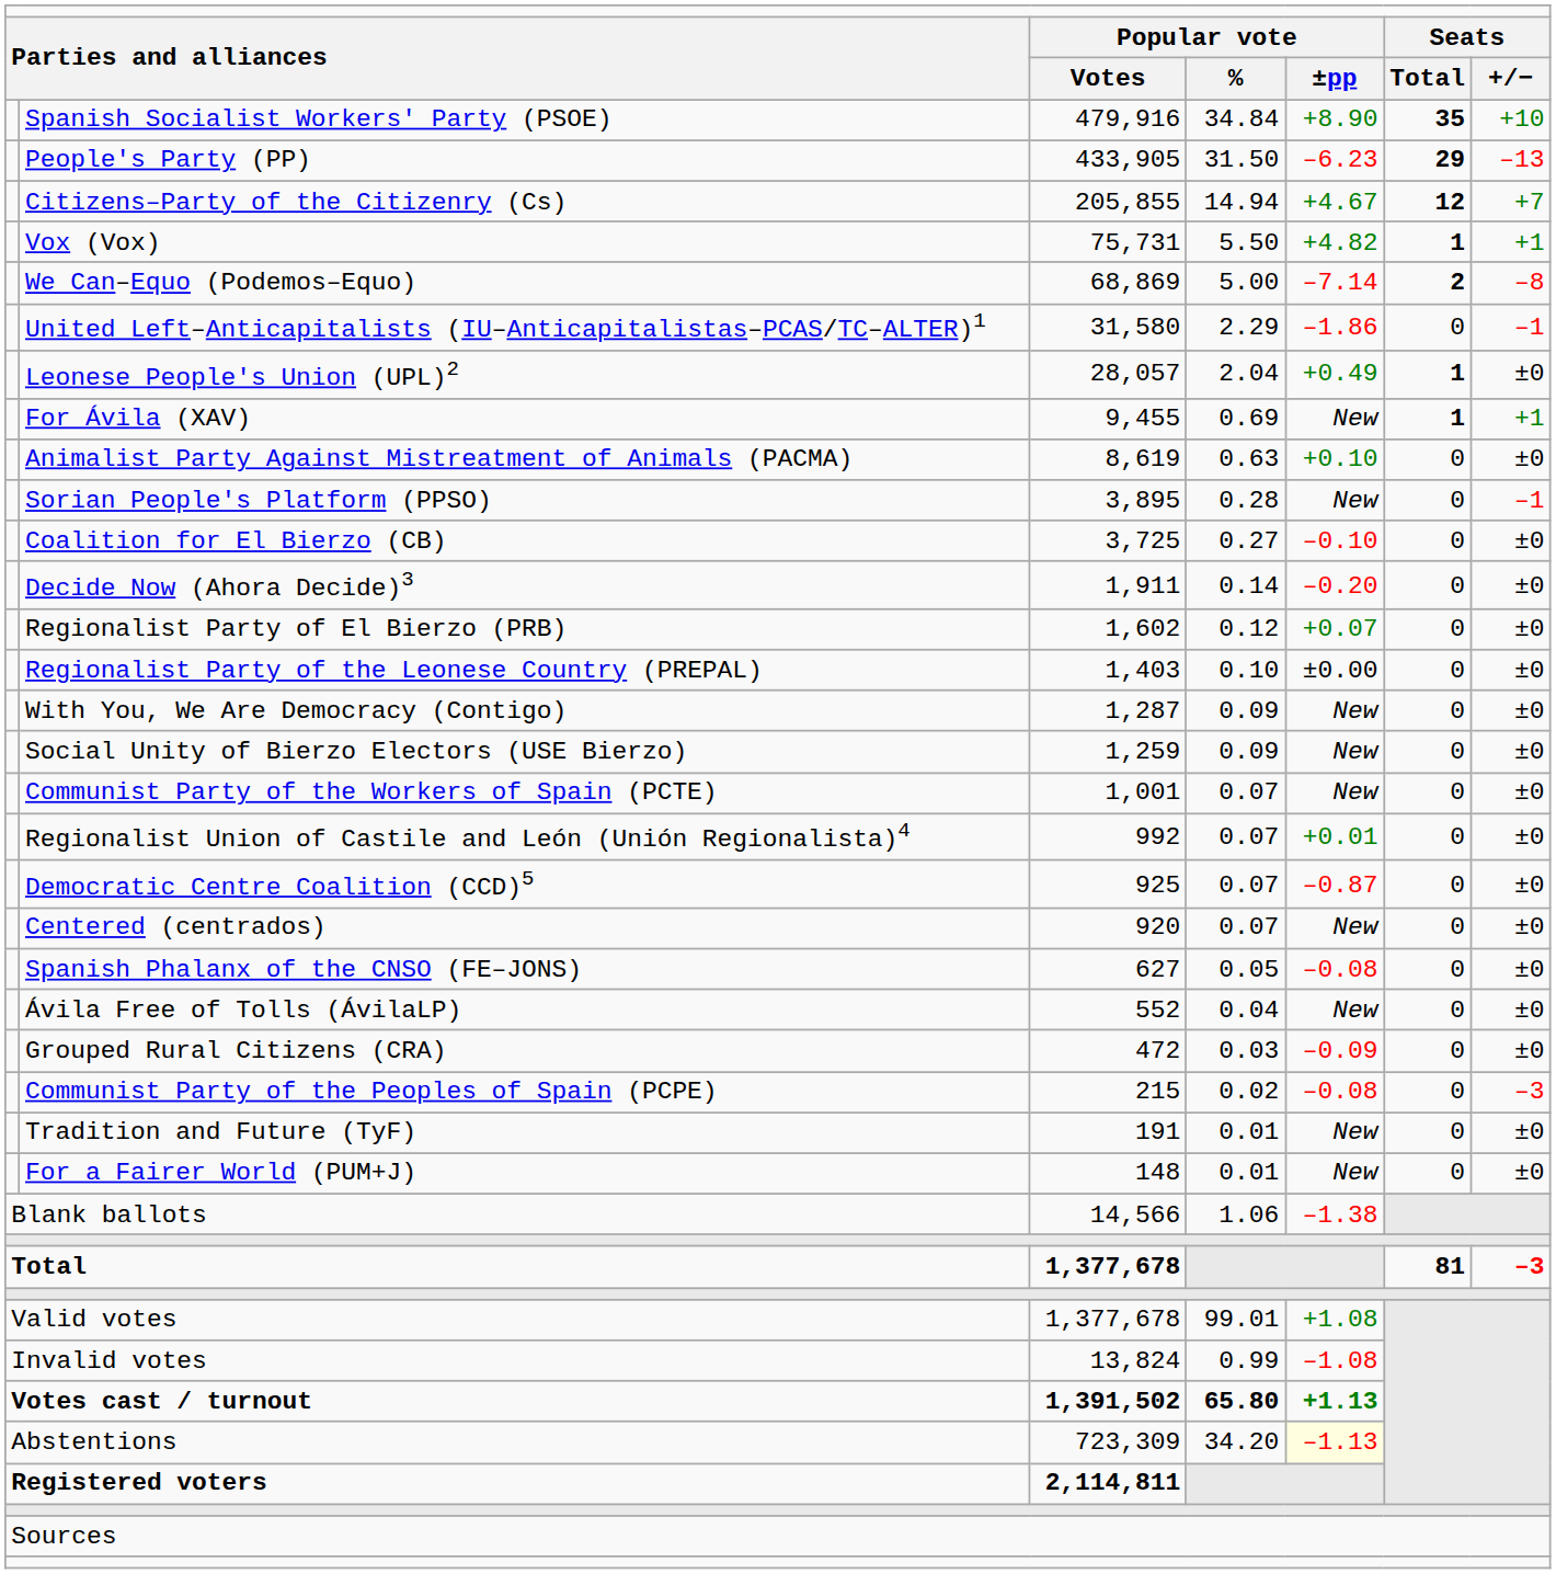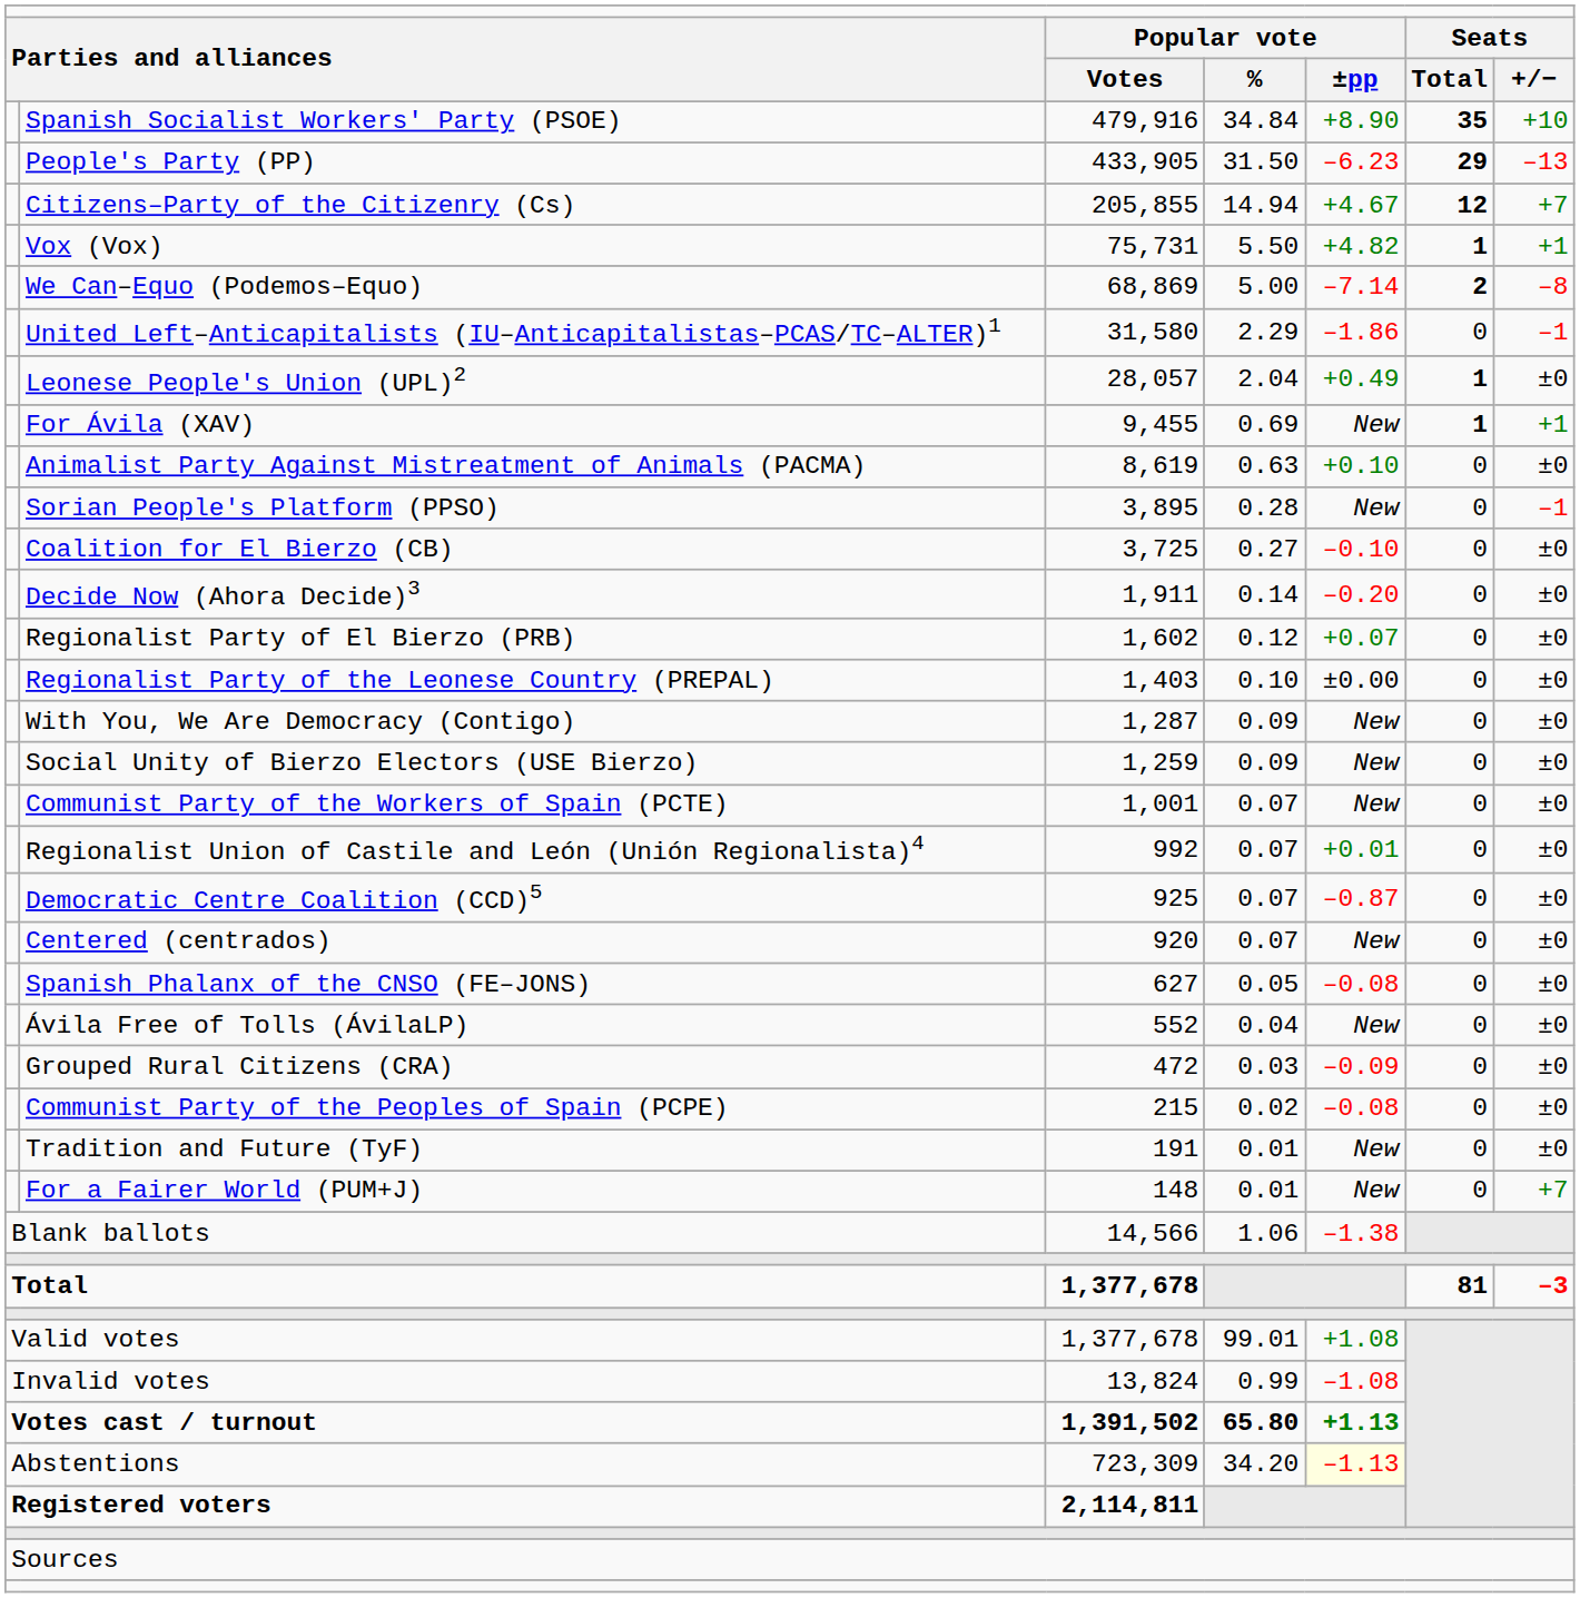 <table class="wikitable" style="text-align:right;">
 <tr>
 <td colspan="7"></td>
 </tr>
 <tr>
 <th style="text-align:left;" rowspan="2" colspan="2" width="525">Parties and alliances</th>
 <th colspan="3">Popular vote</th>
 <th colspan="2">Seats</th>
 </tr>
 <tr>
 <th width="75">Votes</th>
 <th width="45">%</th>
 <th width="45">±<a href='#'>pp</a></th>
 <th width="35">Total</th>
 <th width="35">+/−</th>
 </tr>
 <tr>
 <td width="1" style="color:inherit;background:"></td>
 <td align="left"><a href='#'>Spanish Socialist Workers' Party</a> (PSOE)</td>
 <td>479,916</td>
 <td>34.84</td>
 <td style="color:green;">+8.90</td>
 <td><strong>35</strong></td>
 <td style="color:green;">+10</td>
 </tr>
 <tr>
 <td style="color:inherit;background:"></td>
 <td align="left"><a href='#'>People's Party</a> (PP)</td>
 <td>433,905</td>
 <td>31.50</td>
 <td style="color:red;">–6.23</td>
 <td><strong>29</strong></td>
 <td style="color:red;">–13</td>
 </tr>
 <tr>
 <td style="color:inherit;background:"></td>
 <td align="left"><a href='#'>Citizens–Party of the Citizenry</a> (Cs)</td>
 <td>205,855</td>
 <td>14.94</td>
 <td style="color:green;">+4.67</td>
 <td><strong>12</strong></td>
 <td style="color:green;">+7</td>
 </tr>
 <tr>
 <td style="color:inherit;background:"></td>
 <td align="left"><a href='#'>Vox</a> (Vox)</td>
 <td>75,731</td>
 <td>5.50</td>
 <td style="color:green;">+4.82</td>
 <td><strong>1</strong></td>
 <td style="color:green;">+1</td>
 </tr>
 <tr>
 <td style="color:inherit;background:"></td>
 <td align="left"><a href='#'>We Can</a>–<a href='#'>Equo</a> (Podemos–Equo)</td>
 <td>68,869</td>
 <td>5.00</td>
 <td style="color:red;">–7.14</td>
 <td><strong>2</strong></td>
 <td style="color:red;">–8</td>
 </tr>
 <tr>
 <td style="color:inherit;background:"></td>
 <td align="left"><a href='#'>United Left</a>–<a href='#'>Anticapitalists</a> (<a href='#'>IU</a>–<a href='#'>Anticapitalistas</a>–<a href='#'>PCAS</a>/<a href='#'>TC</a>–<a href='#'>ALTER</a>)<sup>1</sup></td>
 <td>31,580</td>
 <td>2.29</td>
 <td style="color:red;">–1.86</td>
 <td>0</td>
 <td style="color:red;">–1</td>
 </tr>
 <tr>
 <td style="color:inherit;background:"></td>
 <td align="left"><a href='#'>Leonese People's Union</a> (UPL)<sup>2</sup></td>
 <td>28,057</td>
 <td>2.04</td>
 <td style="color:green;">+0.49</td>
 <td><strong>1</strong></td>
 <td>±0</td>
 </tr>
 <tr>
 <td style="color:inherit;background:"></td>
 <td align="left"><a href='#'>For Ávila</a> (XAV)</td>
 <td>9,455</td>
 <td>0.69</td>
 <td><em>New</em></td>
 <td><strong>1</strong></td>
 <td style="color:green;">+1</td>
 </tr>
 <tr>
 <td style="color:inherit;background:"></td>
 <td align="left"><a href='#'>Animalist Party Against Mistreatment of Animals</a> (PACMA)</td>
 <td>8,619</td>
 <td>0.63</td>
 <td style="color:green;">+0.10</td>
 <td>0</td>
 <td>±0</td>
 </tr>
 <tr>
 <td style="color:inherit;background:"></td>
 <td align="left"><a href='#'>Sorian People's Platform</a> (PPSO)</td>
 <td>3,895</td>
 <td>0.28</td>
 <td><em>New</em></td>
 <td>0</td>
 <td style="color:red;">–1</td>
 </tr>
 <tr>
 <td style="color:inherit;background:"></td>
 <td align="left"><a href='#'>Coalition for El Bierzo</a> (CB)</td>
 <td>3,725</td>
 <td>0.27</td>
 <td style="color:red;">–0.10</td>
 <td>0</td>
 <td>±0</td>
 </tr>
 <tr>
 <td style="color:inherit;background:"></td>
 <td align="left"><a href='#'>Decide Now</a> (Ahora Decide)<sup>3</sup></td>
 <td>1,911</td>
 <td>0.14</td>
 <td style="color:red;">–0.20</td>
 <td>0</td>
 <td>±0</td>
 </tr>
 <tr>
 <td style="color:inherit;background:"></td>
 <td align="left">Regionalist Party of El Bierzo (PRB)</td>
 <td>1,602</td>
 <td>0.12</td>
 <td style="color:green;">+0.07</td>
 <td>0</td>
 <td>±0</td>
 </tr>
 <tr>
 <td style="color:inherit;background:"></td>
 <td align="left"><a href='#'>Regionalist Party of the Leonese Country</a> (PREPAL)</td>
 <td>1,403</td>
 <td>0.10</td>
 <td>±0.00</td>
 <td>0</td>
 <td>±0</td>
 </tr>
 <tr>
 <td style="color:inherit;background:"></td>
 <td align="left">With You, We Are Democracy (Contigo)</td>
 <td>1,287</td>
 <td>0.09</td>
 <td><em>New</em></td>
 <td>0</td>
 <td>±0</td>
 </tr>
 <tr>
 <td style="color:inherit;background:"></td>
 <td align="left">Social Unity of Bierzo Electors (USE Bierzo)</td>
 <td>1,259</td>
 <td>0.09</td>
 <td><em>New</em></td>
 <td>0</td>
 <td>±0</td>
 </tr>
 <tr>
 <td style="color:inherit;background:"></td>
 <td align="left"><a href='#'>Communist Party of the Workers of Spain</a> (PCTE)</td>
 <td>1,001</td>
 <td>0.07</td>
 <td><em>New</em></td>
 <td>0</td>
 <td>±0</td>
 </tr>
 <tr>
 <td style="color:inherit;background:"></td>
 <td align="left">Regionalist Union of Castile and León (Unión Regionalista)<sup>4</sup></td>
 <td>992</td>
 <td>0.07</td>
 <td style="color:green;">+0.01</td>
 <td>0</td>
 <td>±0</td>
 </tr>
 <tr>
 <td style="color:inherit;background:"></td>
 <td align="left"><a href='#'>Democratic Centre Coalition</a> (CCD)<sup>5</sup></td>
 <td>925</td>
 <td>0.07</td>
 <td style="color:red;">–0.87</td>
 <td>0</td>
 <td>±0</td>
 </tr>
 <tr>
 <td style="color:inherit;background:"></td>
 <td align="left"><a href='#'>Centered</a> (centrados)</td>
 <td>920</td>
 <td>0.07</td>
 <td><em>New</em></td>
 <td>0</td>
 <td>±0</td>
 </tr>
 <tr>
 <td style="color:inherit;background:"></td>
 <td align="left"><a href='#'>Spanish Phalanx of the CNSO</a> (FE–JONS)</td>
 <td>627</td>
 <td>0.05</td>
 <td style="color:red;">–0.08</td>
 <td>0</td>
 <td>±0</td>
 </tr>
 <tr>
 <td style="color:inherit;background:"></td>
 <td align="left">Ávila Free of Tolls (ÁvilaLP)</td>
 <td>552</td>
 <td>0.04</td>
 <td><em>New</em></td>
 <td>0</td>
 <td>±0</td>
 </tr>
 <tr>
 <td style="color:inherit;background:"></td>
 <td align="left">Grouped Rural Citizens (CRA)</td>
 <td>472</td>
 <td>0.03</td>
 <td style="color:red;">–0.09</td>
 <td>0</td>
 <td>±0</td>
 </tr>
 <tr>
 <td style="color:inherit;background:"></td>
 <td align="left"><a href='#'>Communist Party of the Peoples of Spain</a> (PCPE)</td>
 <td>215</td>
 <td>0.02</td>
 <td style="color:red;">–0.08</td>
 <td>0</td>
-<td style="color:red;">–3</td>
+<td>±0</td>
 </tr>
 <tr>
 <td style="color:inherit;background:"></td>
 <td align="left">Tradition and Future (TyF)</td>
 <td>191</td>
 <td>0.01</td>
 <td><em>New</em></td>
 <td>0</td>
 <td>±0</td>
 </tr>
 <tr>
 <td style="color:inherit;background:"></td>
 <td align="left"><a href='#'>For a Fairer World</a> (PUM+J)</td>
 <td>148</td>
 <td>0.01</td>
 <td><em>New</em></td>
 <td>0</td>
-<td>±0</td>
+<td style="color:green;">+7</td>
 </tr>
 <tr>
 <td align="left" colspan="2">Blank ballots</td>
 <td>14,566</td>
 <td>1.06</td>
 <td style="color:red;">–1.38</td>
 <td bgcolor="#E9E9E9" colspan="2"></td>
 </tr>
 <tr>
 <td colspan="7" bgcolor="#E9E9E9"></td>
 </tr>
 <tr style="font-weight:bold;">
 <td align="left" colspan="2">Total</td>
 <td>1,377,678</td>
 <td bgcolor="#E9E9E9" colspan="2"></td>
 <td>81</td>
 <td style="color:red;">–3</td>
 </tr>
 <tr>
 <td colspan="7" bgcolor="#E9E9E9"></td>
 </tr>
 <tr>
 <td align="left" colspan="2">Valid votes</td>
 <td>1,377,678</td>
 <td>99.01</td>
 <td style="color:green;">+1.08</td>
 <td bgcolor="#E9E9E9" colspan="2" rowspan="5"></td>
 </tr>
 <tr>
 <td align="left" colspan="2">Invalid votes</td>
 <td>13,824</td>
 <td>0.99</td>
 <td style="color:red;">–1.08</td>
 </tr>
 <tr style="font-weight:bold;">
 <td align="left" colspan="2">Votes cast / turnout</td>
 <td>1,391,502</td>
 <td>65.80</td>
 <td style="color:green;">+1.13</td>
 </tr>
 <tr>
 <td align="left" colspan="2">Abstentions</td>
 <td>723,309</td>
 <td>34.20</td>
 <td style="background: lightyellow; color:red;">–1.13</td>
 </tr>
 <tr style="font-weight:bold;">
 <td align="left" colspan="2">Registered voters</td>
 <td>2,114,811</td>
 <td bgcolor="#E9E9E9" colspan="2"></td>
 </tr>
 <tr>
 <td colspan="7" bgcolor="#E9E9E9"></td>
 </tr>
 <tr>
 <td align="left" colspan="7">Sources</td>
 </tr>
 <tr>
 <td colspan="7" style="text-align:left; max-width:790px;"></td>
 </tr>
 </table>
